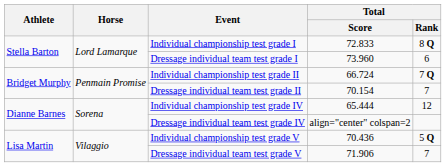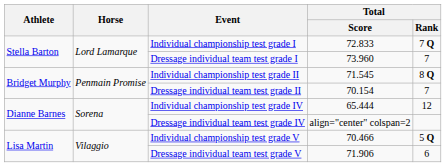 <table class=wikitable>
 <tr>
 <th rowspan="2">Athlete</th>
 <th rowspan="2">Horse</th>
 <th rowspan="2">Event</th>
 <th colspan="2">Total</th>
 </tr>
 <tr>
 <th>Score</th>
 <th>Rank</th>
 </tr>
 <tr>
 <td rowspan="2"><a href='#'>Stella Barton</a></td>
 <td rowspan="2"><em>Lord Lamarque</em></td>
 <td><a href='#'>Individual championship test grade I</a></td>
 <td align="center">72.833</td>
-<td align="center">8 <strong>Q</strong></td>
+<td align="center">7 <strong>Q</strong></td>
 </tr>
 <tr>
 <td><a href='#'>Dressage individual team test grade I</a></td>
 <td align="center">73.960</td>
-<td align="center">6</td>
+<td align="center">7</td>
 </tr>
 <tr>
 <td rowspan="2"><a href='#'>Bridget Murphy</a></td>
 <td rowspan="2"><em>Penmain Promise</em></td>
 <td><a href='#'>Individual championship test grade II</a></td>
-<td align="center">66.724</td>
-<td align="center">7 <strong>Q</strong></td>
+<td align="center">71.545</td>
+<td align="center">8 <strong>Q</strong></td>
 </tr>
 <tr>
 <td><a href='#'>Dressage individual team test grade II</a></td>
 <td align="center">70.154</td>
 <td align="center">7</td>
 </tr>
 <tr>
 <td rowspan="2"><a href='#'>Dianne Barnes</a></td>
 <td rowspan="2"><em>Sorena</em></td>
 <td><a href='#'>Individual championship test grade IV</a></td>
 <td align="center">65.444</td>
 <td align="center">12</td>
 </tr>
 <tr>
 <td><a href='#'>Dressage individual team test grade IV</a></td>
 <td>align="center" colspan=2 </td>
 </tr>
 <tr>
 <td rowspan="2"><a href='#'>Lisa Martin</a></td>
 <td rowspan="2"><em>Vilaggio</em></td>
 <td><a href='#'>Individual championship test grade V</a></td>
-<td align="center">70.436</td>
+<td align="center">70.466</td>
 <td align="center">5 <strong>Q</strong></td>
 </tr>
 <tr>
 <td><a href='#'>Dressage individual team test grade V</a></td>
 <td align="center">71.906</td>
-<td align="center">7</td>
+<td align="center">6</td>
 </tr>
 </table>
